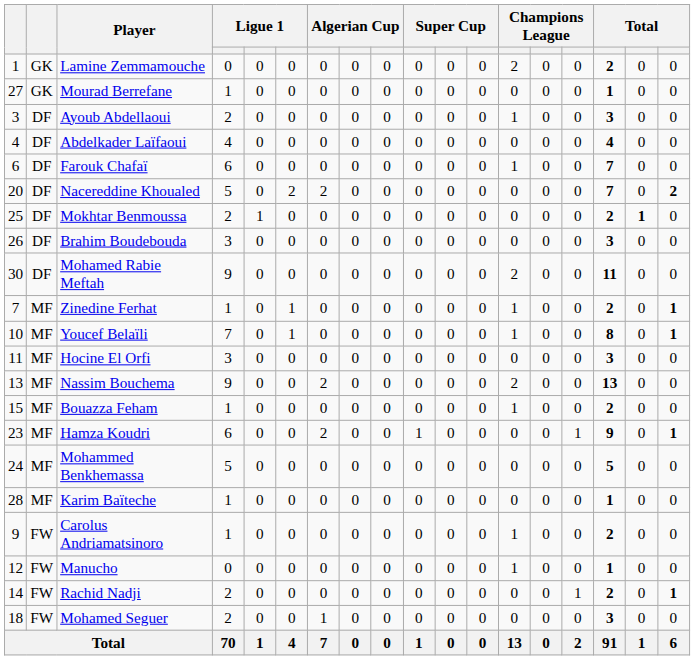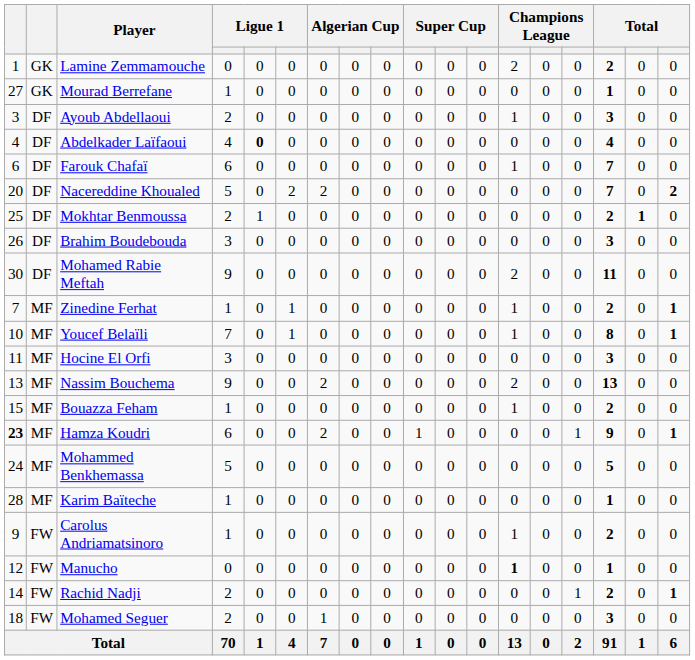 <table class="wikitable sortable nowrap" style="font-size: 96%; text-align: center;">
 <tr>
 <th rowspan="2"></th>
 <th rowspan="2"></th>
 <th rowspan="2" width=150>Player</th>
 <th colspan="3">Ligue 1</th>
 <th colspan="3">Algerian Cup</th>
 <th colspan="3">Super Cup</th>
 <th colspan="3">Champions League</th>
 <th colspan="3">Total</th>
 </tr>
 <tr>
 <th width=25></th>
 <th width=25></th>
 <th width=25></th>
 <th width=25></th>
 <th width=25></th>
 <th width=25></th>
 <th width=25></th>
 <th width=25></th>
 <th width=25></th>
 <th width=25></th>
 <th width=25></th>
 <th width=25></th>
 <th width=25></th>
 <th width=25></th>
 <th width=25></th>
 </tr>
 <tr>
 <td>1</td>
 <td>GK</td>
 <td style="text-align:left"> <a href='#'>Lamine Zemmamouche</a></td>
 <td>0</td>
 <td>0</td>
 <td>0</td>
 <td>0</td>
 <td>0</td>
 <td>0</td>
 <td>0</td>
 <td>0</td>
 <td>0</td>
 <td>2</td>
 <td>0</td>
 <td>0</td>
 <td><strong>2</strong></td>
 <td>0</td>
 <td>0</td>
 </tr>
 <tr>
 <td>27</td>
 <td>GK</td>
 <td style="text-align:left"> <a href='#'>Mourad Berrefane</a></td>
 <td>1</td>
 <td>0</td>
 <td>0</td>
 <td>0</td>
 <td>0</td>
 <td>0</td>
 <td>0</td>
 <td>0</td>
 <td>0</td>
 <td>0</td>
 <td>0</td>
 <td>0</td>
 <td><strong>1</strong></td>
 <td>0</td>
 <td>0</td>
 </tr>
 <tr>
 <td>3</td>
 <td>DF</td>
 <td style="text-align:left"> <a href='#'>Ayoub Abdellaoui</a></td>
 <td>2</td>
 <td>0</td>
 <td>0</td>
 <td>0</td>
 <td>0</td>
 <td>0</td>
 <td>0</td>
 <td>0</td>
 <td>0</td>
 <td>1</td>
 <td>0</td>
 <td>0</td>
 <td><strong>3</strong></td>
 <td>0</td>
 <td>0</td>
 </tr>
 <tr>
 <td>4</td>
 <td>DF</td>
 <td style="text-align:left"> <a href='#'>Abdelkader Laïfaoui</a></td>
 <td>4</td>
-<td>0</td>
+<td><strong>0</strong></td>
 <td>0</td>
 <td>0</td>
 <td>0</td>
 <td>0</td>
 <td>0</td>
 <td>0</td>
 <td>0</td>
 <td>0</td>
 <td>0</td>
 <td>0</td>
 <td><strong>4</strong></td>
 <td>0</td>
 <td>0</td>
 </tr>
 <tr>
 <td>6</td>
 <td>DF</td>
 <td style="text-align:left"> <a href='#'>Farouk Chafaï</a></td>
 <td>6</td>
 <td>0</td>
 <td>0</td>
 <td>0</td>
 <td>0</td>
 <td>0</td>
 <td>0</td>
 <td>0</td>
 <td>0</td>
 <td>1</td>
 <td>0</td>
 <td>0</td>
 <td><strong>7</strong></td>
 <td>0</td>
 <td>0</td>
 </tr>
 <tr>
 <td>20</td>
 <td>DF</td>
 <td style="text-align:left"> <a href='#'>Nacereddine Khoualed</a></td>
 <td>5</td>
 <td>0</td>
 <td>2</td>
 <td>2</td>
 <td>0</td>
 <td>0</td>
 <td>0</td>
 <td>0</td>
 <td>0</td>
 <td>0</td>
 <td>0</td>
 <td>0</td>
 <td><strong>7</strong></td>
 <td>0</td>
 <td><strong>2</strong></td>
 </tr>
 <tr>
 <td>25</td>
 <td>DF</td>
 <td style="text-align:left"> <a href='#'>Mokhtar Benmoussa</a></td>
 <td>2</td>
 <td>1</td>
 <td>0</td>
 <td>0</td>
 <td>0</td>
 <td>0</td>
 <td>0</td>
 <td>0</td>
 <td>0</td>
 <td>0</td>
 <td>0</td>
 <td>0</td>
 <td><strong>2</strong></td>
 <td><strong>1</strong></td>
 <td>0</td>
 </tr>
 <tr>
 <td>26</td>
 <td>DF</td>
 <td style="text-align:left"> <a href='#'>Brahim Boudebouda</a></td>
 <td>3</td>
 <td>0</td>
 <td>0</td>
 <td>0</td>
 <td>0</td>
 <td>0</td>
 <td>0</td>
 <td>0</td>
 <td>0</td>
 <td>0</td>
 <td>0</td>
 <td>0</td>
 <td><strong>3</strong></td>
 <td>0</td>
 <td>0</td>
 </tr>
 <tr>
 <td>30</td>
 <td>DF</td>
 <td style="text-align:left"> <a href='#'>Mohamed Rabie Meftah</a></td>
 <td>9</td>
 <td>0</td>
 <td>0</td>
 <td>0</td>
 <td>0</td>
 <td>0</td>
 <td>0</td>
 <td>0</td>
 <td>0</td>
 <td>2</td>
 <td>0</td>
 <td>0</td>
 <td><strong>11</strong></td>
 <td>0</td>
 <td>0</td>
 </tr>
 <tr>
 <td>7</td>
 <td>MF</td>
 <td style="text-align:left"> <a href='#'>Zinedine Ferhat</a></td>
 <td>1</td>
 <td>0</td>
 <td>1</td>
 <td>0</td>
 <td>0</td>
 <td>0</td>
 <td>0</td>
 <td>0</td>
 <td>0</td>
 <td>1</td>
 <td>0</td>
 <td>0</td>
 <td><strong>2</strong></td>
 <td>0</td>
 <td><strong>1</strong></td>
 </tr>
 <tr>
 <td>10</td>
 <td>MF</td>
 <td style="text-align:left"> <a href='#'>Youcef Belaïli</a></td>
 <td>7</td>
 <td>0</td>
 <td>1</td>
 <td>0</td>
 <td>0</td>
 <td>0</td>
 <td>0</td>
 <td>0</td>
 <td>0</td>
 <td>1</td>
 <td>0</td>
 <td>0</td>
 <td><strong>8</strong></td>
 <td>0</td>
 <td><strong>1</strong></td>
 </tr>
 <tr>
 <td>11</td>
 <td>MF</td>
 <td style="text-align:left"> <a href='#'>Hocine El Orfi</a></td>
 <td>3</td>
 <td>0</td>
 <td>0</td>
 <td>0</td>
 <td>0</td>
 <td>0</td>
 <td>0</td>
 <td>0</td>
 <td>0</td>
 <td>0</td>
 <td>0</td>
 <td>0</td>
 <td><strong>3</strong></td>
 <td>0</td>
 <td>0</td>
 </tr>
 <tr>
 <td>13</td>
 <td>MF</td>
 <td style="text-align:left"> <a href='#'>Nassim Bouchema</a></td>
 <td>9</td>
 <td>0</td>
 <td>0</td>
 <td>2</td>
 <td>0</td>
 <td>0</td>
 <td>0</td>
 <td>0</td>
 <td>0</td>
 <td>2</td>
 <td>0</td>
 <td>0</td>
 <td><strong>13</strong></td>
 <td>0</td>
 <td>0</td>
 </tr>
 <tr>
 <td>15</td>
 <td>MF</td>
 <td style="text-align:left"> <a href='#'>Bouazza Feham</a></td>
 <td>1</td>
 <td>0</td>
 <td>0</td>
 <td>0</td>
 <td>0</td>
 <td>0</td>
 <td>0</td>
 <td>0</td>
 <td>0</td>
 <td>1</td>
 <td>0</td>
 <td>0</td>
 <td><strong>2</strong></td>
 <td>0</td>
 <td>0</td>
 </tr>
 <tr>
-<td>23</td>
+<td><strong>23</strong></td>
 <td>MF</td>
 <td style="text-align:left"> <a href='#'>Hamza Koudri</a></td>
 <td>6</td>
 <td>0</td>
 <td>0</td>
 <td>2</td>
 <td>0</td>
 <td>0</td>
 <td>1</td>
 <td>0</td>
 <td>0</td>
 <td>0</td>
 <td>0</td>
 <td>1</td>
 <td><strong>9</strong></td>
 <td>0</td>
 <td><strong>1</strong></td>
 </tr>
 <tr>
 <td>24</td>
 <td>MF</td>
 <td style="text-align:left"> <a href='#'>Mohammed Benkhemassa</a></td>
 <td>5</td>
 <td>0</td>
 <td>0</td>
 <td>0</td>
 <td>0</td>
 <td>0</td>
 <td>0</td>
 <td>0</td>
 <td>0</td>
 <td>0</td>
 <td>0</td>
 <td>0</td>
 <td><strong>5</strong></td>
 <td>0</td>
 <td>0</td>
 </tr>
 <tr>
 <td>28</td>
 <td>MF</td>
 <td style="text-align:left"> <a href='#'>Karim Baïteche</a></td>
 <td>1</td>
 <td>0</td>
 <td>0</td>
 <td>0</td>
 <td>0</td>
 <td>0</td>
 <td>0</td>
 <td>0</td>
 <td>0</td>
 <td>0</td>
 <td>0</td>
 <td>0</td>
 <td><strong>1</strong></td>
 <td>0</td>
 <td>0</td>
 </tr>
 <tr>
 <td>9</td>
 <td>FW</td>
 <td style="text-align:left"> <a href='#'>Carolus Andriamatsinoro</a></td>
 <td>1</td>
 <td>0</td>
 <td>0</td>
 <td>0</td>
 <td>0</td>
 <td>0</td>
 <td>0</td>
 <td>0</td>
 <td>0</td>
 <td>1</td>
 <td>0</td>
 <td>0</td>
 <td><strong>2</strong></td>
 <td>0</td>
 <td>0</td>
 </tr>
 <tr>
 <td>12</td>
 <td>FW</td>
 <td style="text-align:left"> <a href='#'>Manucho</a></td>
 <td>0</td>
 <td>0</td>
 <td>0</td>
 <td>0</td>
 <td>0</td>
 <td>0</td>
 <td>0</td>
 <td>0</td>
 <td>0</td>
-<td>1</td>
+<td><strong>1</strong></td>
 <td>0</td>
 <td>0</td>
 <td><strong>1</strong></td>
 <td>0</td>
 <td>0</td>
 </tr>
 <tr>
 <td>14</td>
 <td>FW</td>
 <td style="text-align:left"> <a href='#'>Rachid Nadji</a></td>
 <td>2</td>
 <td>0</td>
 <td>0</td>
 <td>0</td>
 <td>0</td>
 <td>0</td>
 <td>0</td>
 <td>0</td>
 <td>0</td>
 <td>0</td>
 <td>0</td>
 <td>1</td>
 <td><strong>2</strong></td>
 <td>0</td>
 <td><strong>1</strong></td>
 </tr>
 <tr>
 <td>18</td>
 <td>FW</td>
 <td style="text-align:left"> <a href='#'>Mohamed Seguer</a></td>
 <td>2</td>
 <td>0</td>
 <td>0</td>
 <td>1</td>
 <td>0</td>
 <td>0</td>
 <td>0</td>
 <td>0</td>
 <td>0</td>
 <td>0</td>
 <td>0</td>
 <td>0</td>
 <td><strong>3</strong></td>
 <td>0</td>
 <td>0</td>
 </tr>
 <tr>
 <th colspan="3">Total</th>
 <th>70</th>
 <th>1</th>
 <th>4</th>
 <th>7</th>
 <th>0</th>
 <th>0</th>
 <th>1</th>
 <th>0</th>
 <th>0</th>
 <th>13</th>
 <th>0</th>
 <th>2</th>
 <th>91</th>
 <th>1</th>
 <th>6</th>
 </tr>
 </table>
